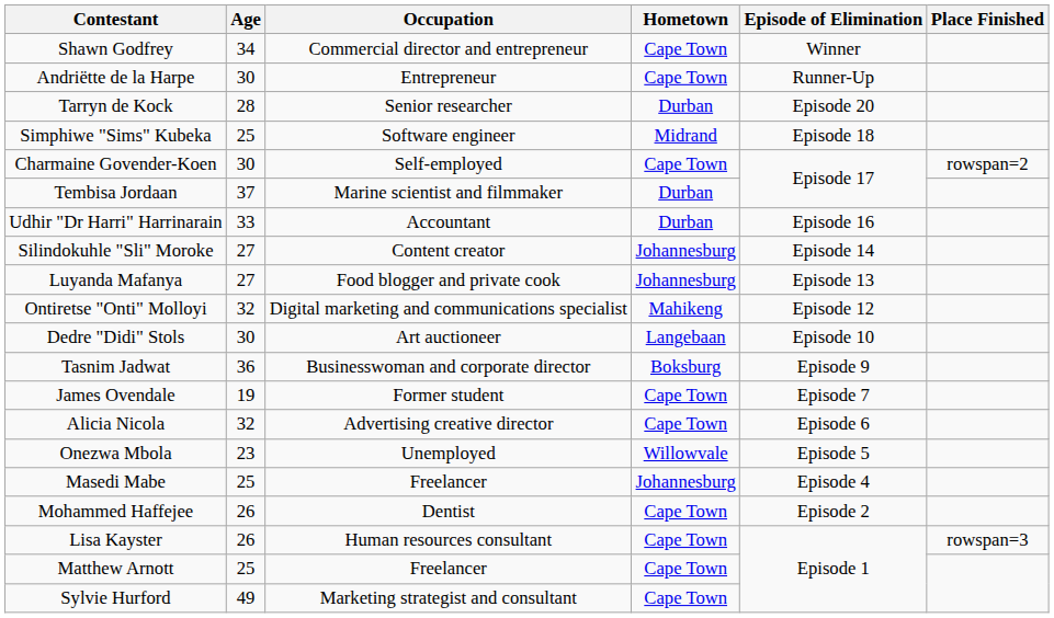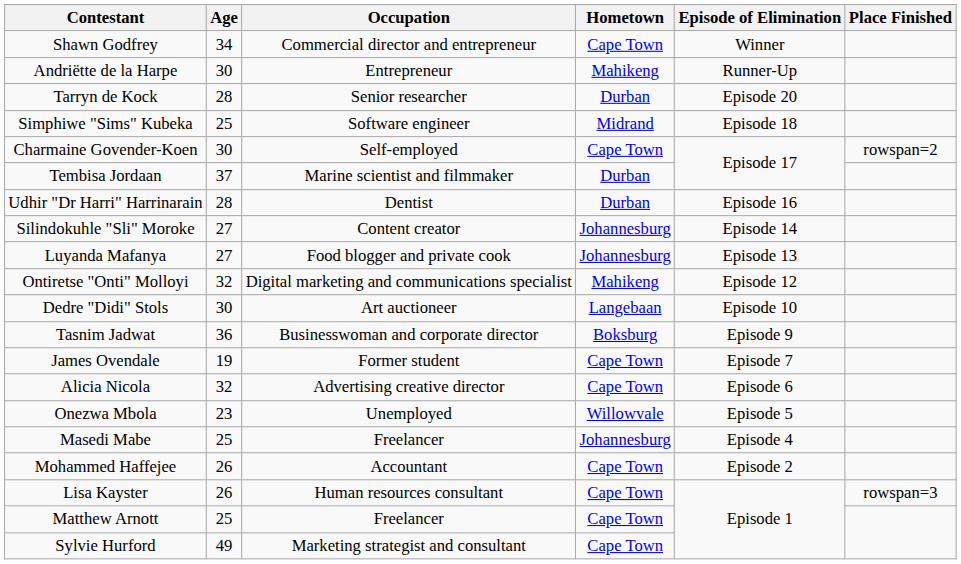 <table class="wikitable sortable" style="text-align:center">
 <tr>
 <th>Contestant</th>
 <th>Age</th>
 <th>Occupation</th>
 <th>Hometown</th>
 <th>Episode of Elimination</th>
 <th>Place Finished</th>
 </tr>
 <tr>
 <td>Shawn Godfrey</td>
 <td>34</td>
 <td>Commercial director and entrepreneur</td>
 <td><a href='#'>Cape Town</a></td>
 <td>Winner</td>
 <td></td>
 </tr>
 <tr>
 <td>Andriëtte de la Harpe</td>
 <td>30</td>
 <td>Entrepreneur</td>
-<td><a href='#'>Cape Town</a></td>
+<td><a href='#'>Mahikeng</a></td>
 <td>Runner-Up</td>
 <td></td>
 </tr>
 <tr>
 <td>Tarryn de Kock</td>
 <td>28</td>
 <td>Senior researcher</td>
 <td><a href='#'>Durban</a></td>
 <td>Episode 20</td>
 <td></td>
 </tr>
 <tr>
 <td>Simphiwe "Sims" Kubeka</td>
 <td>25</td>
 <td>Software engineer</td>
 <td><a href='#'>Midrand</a></td>
 <td>Episode 18</td>
 <td></td>
 </tr>
 <tr>
 <td>Charmaine Govender-Koen</td>
 <td>30</td>
 <td>Self-employed</td>
 <td><a href='#'>Cape Town</a></td>
 <td rowspan=2>Episode 17</td>
 <td>rowspan=2 </td>
 </tr>
 <tr>
 <td>Tembisa Jordaan</td>
 <td>37</td>
 <td>Marine scientist and filmmaker</td>
 <td><a href='#'>Durban</a></td>
 </tr>
 <tr>
 <td>Udhir "Dr Harri" Harrinarain</td>
-<td>33</td>
-<td>Accountant</td>
+<td>28</td>
+<td>Dentist</td>
 <td><a href='#'>Durban</a></td>
 <td>Episode 16</td>
 <td></td>
 </tr>
 <tr>
 <td>Silindokuhle "Sli" Moroke</td>
 <td>27</td>
 <td>Content creator</td>
 <td><a href='#'>Johannesburg</a></td>
 <td>Episode 14</td>
 <td></td>
 </tr>
 <tr>
 <td>Luyanda Mafanya</td>
 <td>27</td>
 <td>Food blogger and private cook</td>
 <td><a href='#'>Johannesburg</a></td>
 <td>Episode 13</td>
 <td></td>
 </tr>
 <tr>
 <td>Ontiretse "Onti" Molloyi</td>
 <td>32</td>
 <td>Digital marketing and communications specialist</td>
 <td><a href='#'>Mahikeng</a></td>
 <td>Episode 12</td>
 <td></td>
 </tr>
 <tr>
 <td>Dedre "Didi" Stols</td>
 <td>30</td>
 <td>Art auctioneer</td>
 <td><a href='#'>Langebaan</a></td>
 <td>Episode 10</td>
 <td></td>
 </tr>
 <tr>
 <td>Tasnim Jadwat</td>
 <td>36</td>
 <td>Businesswoman and corporate director</td>
 <td><a href='#'>Boksburg</a></td>
 <td>Episode 9</td>
 <td></td>
 </tr>
 <tr>
 <td>James Ovendale</td>
 <td>19</td>
 <td>Former student</td>
 <td><a href='#'>Cape Town</a></td>
 <td>Episode 7</td>
 <td></td>
 </tr>
 <tr>
 <td>Alicia Nicola</td>
 <td>32</td>
 <td>Advertising creative director</td>
 <td><a href='#'>Cape Town</a></td>
 <td>Episode 6</td>
 <td></td>
 </tr>
 <tr>
 <td>Onezwa Mbola</td>
 <td>23</td>
 <td>Unemployed</td>
 <td><a href='#'>Willowvale</a></td>
 <td>Episode 5</td>
 <td></td>
 </tr>
 <tr>
 <td>Masedi Mabe</td>
 <td>25</td>
 <td>Freelancer</td>
 <td><a href='#'>Johannesburg</a></td>
 <td>Episode 4</td>
 <td></td>
 </tr>
 <tr>
 <td>Mohammed Haffejee</td>
 <td>26</td>
-<td>Dentist</td>
+<td>Accountant</td>
 <td><a href='#'>Cape Town</a></td>
 <td>Episode 2</td>
 <td></td>
 </tr>
 <tr>
 <td>Lisa Kayster</td>
 <td>26</td>
 <td>Human resources consultant</td>
 <td><a href='#'>Cape Town</a></td>
 <td rowspan=3>Episode 1</td>
 <td>rowspan=3 </td>
 </tr>
 <tr>
 <td>Matthew Arnott</td>
 <td>25</td>
 <td>Freelancer</td>
 <td><a href='#'>Cape Town</a></td>
 </tr>
 <tr>
 <td>Sylvie Hurford</td>
 <td>49</td>
 <td>Marketing strategist and consultant</td>
 <td><a href='#'>Cape Town</a></td>
 </tr>
 </table>
